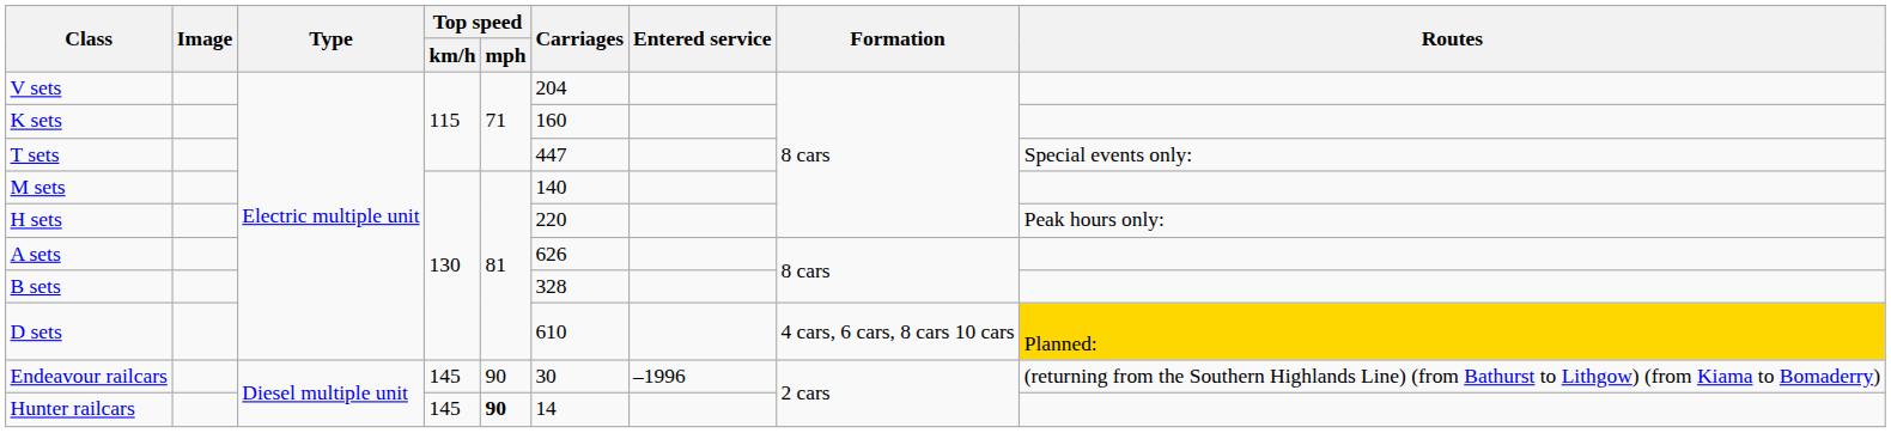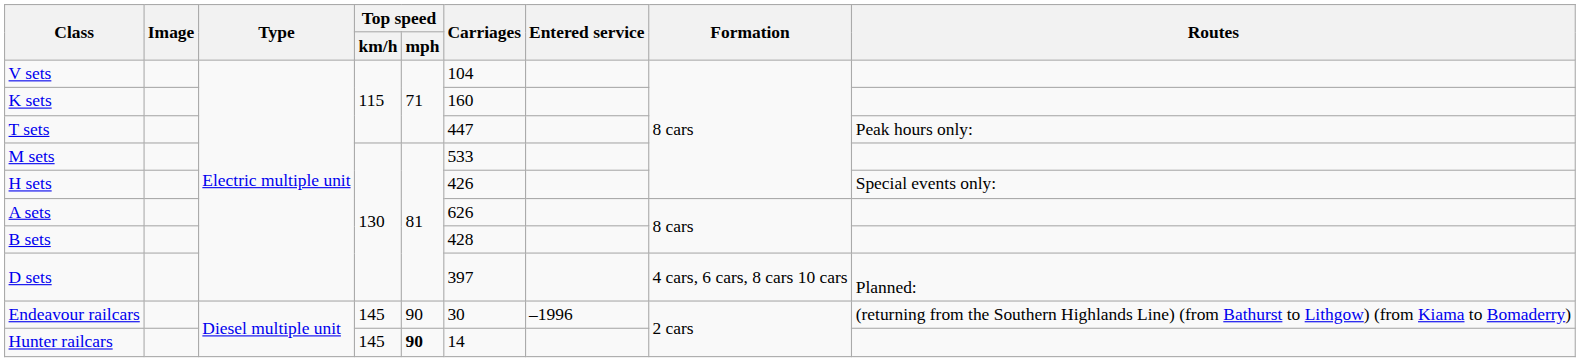 <table class="wikitable sortable">
 <tr>
 <th rowspan="2">Class</th>
 <th rowspan="2">Image</th>
 <th rowspan="2">Type</th>
 <th colspan="2">Top speed</th>
 <th rowspan="2">Carriages</th>
 <th rowspan="2">Entered service</th>
 <th rowspan="2">Formation</th>
 <th rowspan="2" class="unsortable">Routes</th>
 </tr>
 <tr>
 <th>km/h</th>
 <th>mph</th>
 </tr>
 <tr>
 <td><a href='#'>V sets</a></td>
 <td></td>
 <td rowspan="8"><a href='#'>Electric multiple unit</a></td>
 <td rowspan="3">115</td>
 <td rowspan="3">71</td>
-<td>204</td>
+<td>104</td>
 <td></td>
 <td rowspan="5">8 cars</td>
 <td></td>
 </tr>
 <tr>
 <td><a href='#'>K sets</a></td>
 <td></td>
 <td>160</td>
 <td></td>
 <td></td>
 </tr>
 <tr>
 <td><a href='#'>T sets</a></td>
 <td></td>
 <td>447</td>
 <td></td>
-<td>Special events only: </td>
+<td>Peak hours only:<br></td>
 </tr>
 <tr>
 <td><a href='#'>M sets</a></td>
 <td></td>
 <td rowspan="5">130</td>
 <td rowspan="5">81</td>
-<td>140</td>
+<td>533</td>
 <td></td>
 <td></td>
 </tr>
 <tr>
 <td><a href='#'>H sets</a></td>
 <td></td>
-<td>220</td>
+<td>426</td>
 <td></td>
-<td>Peak hours only:<br></td>
+<td>Special events only: </td>
 </tr>
 <tr>
 <td><a href='#'>A sets</a></td>
 <td></td>
 <td>626</td>
 <td></td>
 <td rowspan="2">8 cars</td>
 <td></td>
 </tr>
 <tr>
 <td><a href='#'>B sets</a></td>
 <td></td>
-<td>328</td>
+<td>428</td>
 <td></td>
 <td></td>
 </tr>
 <tr>
 <td><a href='#'>D sets</a></td>
 <td></td>
-<td>610</td>
+<td>397</td>
 <td></td>
 <td>4 cars, 6 cars, 8 cars 10 cars</td>
-<td style="background: gold;"><br>Planned: </td>
+<td><br>Planned: </td>
 </tr>
 <tr>
 <td><a href='#'>Endeavour railcars</a></td>
 <td></td>
 <td rowspan="6"><a href='#'>Diesel multiple unit</a></td>
 <td>145</td>
 <td>90</td>
 <td>30</td>
 <td>–1996</td>
 <td rowspan="4">2 cars</td>
 <td> (returning from the Southern Highlands Line)  (from <a href='#'>Bathurst</a> to <a href='#'>Lithgow</a>)  (from <a href='#'>Kiama</a> to <a href='#'>Bomaderry</a>)</td>
 </tr>
 <tr>
 <td><a href='#'>Hunter railcars</a></td>
 <td></td>
 <td>145</td>
 <td><strong>90</strong></td>
 <td>14</td>
 <td></td>
 <td></td>
 </tr>
 </table>
